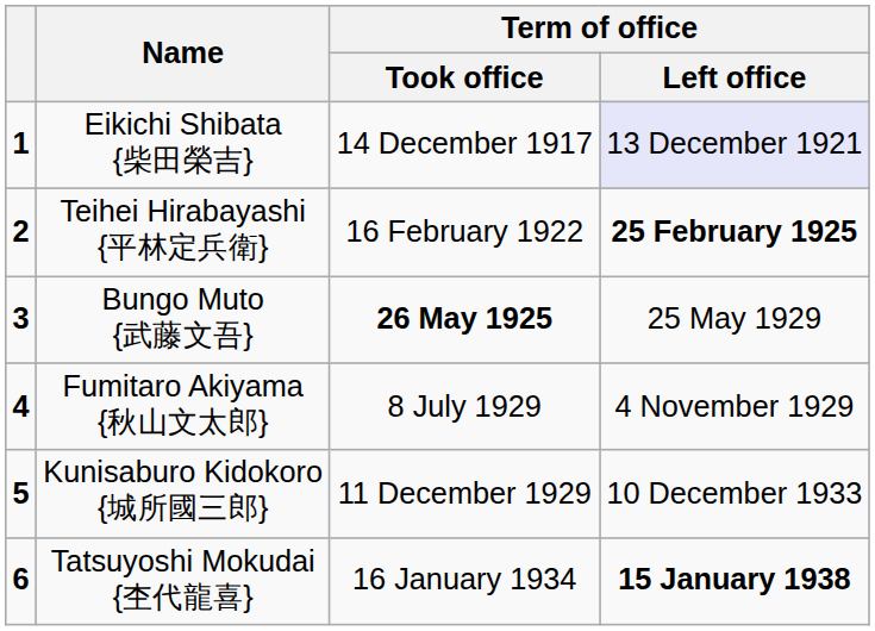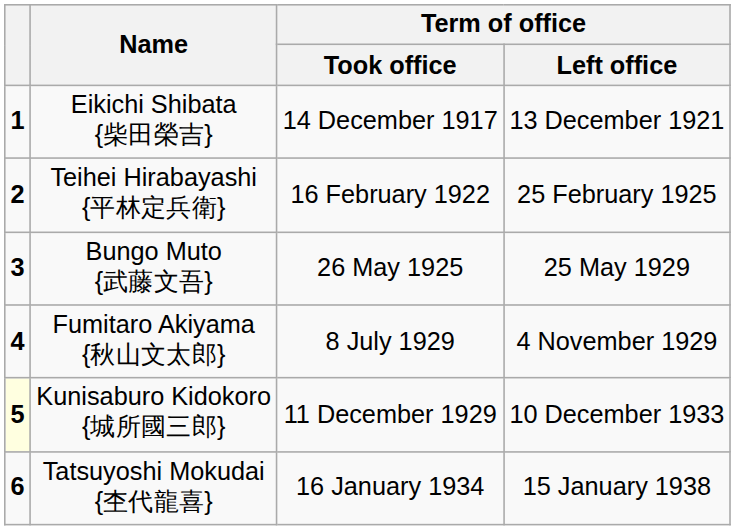 <table class="wikitable" style="text-align:center">
 <tr>
 <th rowspan=2></th>
 <th rowspan=2>Name</th>
 <th colspan=2>Term of office</th>
 </tr>
 <tr>
 <th>Took office</th>
 <th>Left office</th>
 </tr>
 <tr>
 <td><strong>1</strong></td>
 <td>Eikichi Shibata<br>{柴田榮吉}<br></td>
 <td>14 December 1917</td>
-<td style="background: lavender;">13 December 1921</td>
+<td>13 December 1921</td>
 </tr>
 <tr>
 <td><strong>2</strong></td>
 <td>Teihei Hirabayashi<br>{平林定兵衛}<br></td>
 <td>16 February 1922</td>
-<td><strong>25 February 1925</strong></td>
+<td>25 February 1925</td>
 </tr>
 <tr>
 <td><strong>3</strong></td>
 <td>Bungo Muto<br>{武藤文吾}<br></td>
-<td><strong>26 May 1925</strong></td>
+<td>26 May 1925</td>
 <td>25 May 1929</td>
 </tr>
 <tr>
 <td><strong>4</strong></td>
 <td>Fumitaro Akiyama<br>{秋山文太郎}<br></td>
 <td>8 July 1929</td>
 <td>4 November 1929</td>
 </tr>
 <tr>
-<td><strong>5</strong></td>
+<td style="background: lightyellow;"><strong>5</strong></td>
 <td>Kunisaburo Kidokoro<br>{城所國三郎}<br></td>
 <td>11 December 1929</td>
 <td>10 December 1933</td>
 </tr>
 <tr>
 <td><strong>6</strong></td>
 <td>Tatsuyoshi Mokudai<br>{杢代龍喜}<br></td>
 <td>16 January 1934</td>
-<td><strong>15 January 1938</strong></td>
+<td>15 January 1938</td>
 </tr>
 </table>
